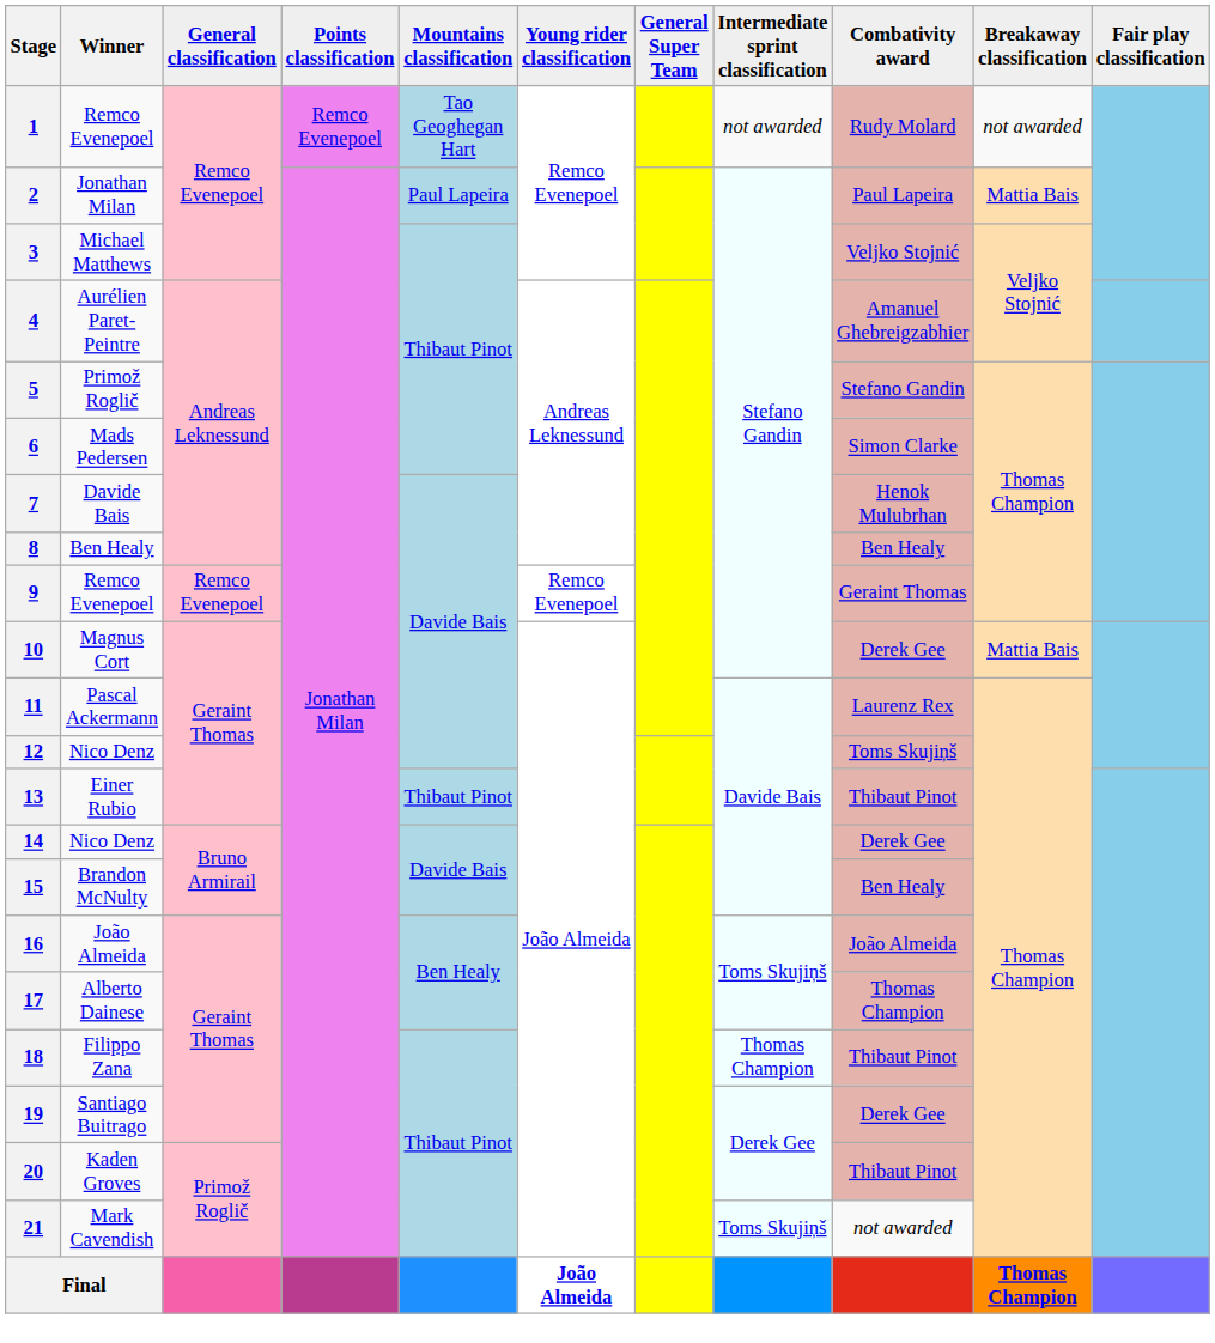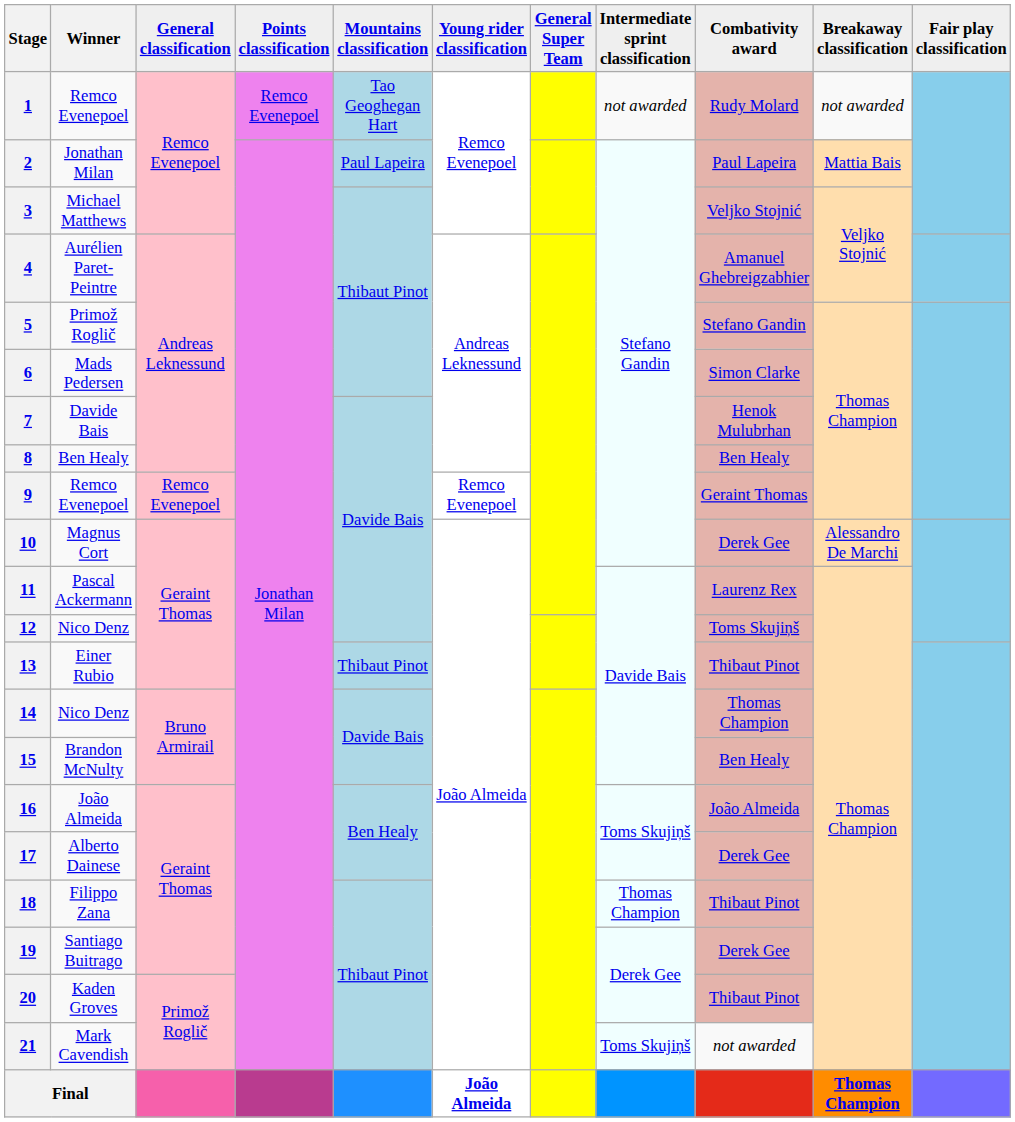 <table class="wikitable" style="text-align: center; font-size:smaller;">
 <tr style="background:#efefef;">
 <th style="width:1%;">Stage</th>
 <th style="width:11%;">Winner</th>
 <th style="background:#efefef; width:9%;"><a href='#'>General classification</a><br></th>
 <th style="background:#efefef; width:9%;"><a href='#'>Points classification</a><br></th>
 <th style="background:#efefef; width:9%;"><a href='#'>Mountains classification</a><br></th>
 <th style="background:#efefef; width:9%;"><a href='#'>Young rider classification</a><br></th>
 <th style="background:#efefef; width:9%;"><a href='#'>General Super Team</a></th>
 <th style="background:#efefef; width:9%;">Intermediate sprint classification</th>
 <th style="background:#efefef; width:9%;">Combativity award<br></th>
 <th style="background:#efefef; width:9%;">Breakaway classification</th>
 <th style="background:#efefef; width:9%;">Fair play classification</th>
 </tr>
 <tr>
 <th><a href='#'>1</a></th>
 <td><a href='#'>Remco Evenepoel</a></td>
 <td style="background:pink;" rowspan=3><a href='#'>Remco Evenepoel</a></td>
 <td style="background:violet;"><a href='#'>Remco Evenepoel</a></td>
 <td style="background:lightblue;"><a href='#'>Tao Geoghegan Hart</a></td>
 <td style="background:white;" rowspan=3><a href='#'>Remco Evenepoel</a></td>
 <td style="background:#FFFF00;"></td>
 <td><em>not awarded</em></td>
 <td style="background:#E4B3AB;"><a href='#'>Rudy Molard</a></td>
 <td><em>not awarded</em></td>
 <td style="background:skyblue;" rowspan=3></td>
 </tr>
 <tr>
 <th><a href='#'>2</a></th>
 <td><a href='#'>Jonathan Milan</a></td>
 <td style="background:violet;" rowspan=20><a href='#'>Jonathan Milan</a></td>
 <td style="background:lightblue;"><a href='#'>Paul Lapeira</a></td>
 <td style="background:#FFFF00;" rowspan=2></td>
 <td style="background:azure;" rowspan=9><a href='#'>Stefano Gandin</a></td>
 <td style="background:#E4B3AB;"><a href='#'>Paul Lapeira</a></td>
 <td style="background:navajowhite;"><a href='#'>Mattia Bais</a></td>
 </tr>
 <tr>
 <th><a href='#'>3</a></th>
 <td><a href='#'>Michael Matthews</a></td>
 <td style="background:lightblue;" rowspan=4><a href='#'>Thibaut Pinot</a></td>
 <td style="background:#E4B3AB;"><a href='#'>Veljko Stojnić</a></td>
 <td style="background:navajowhite;" rowspan=2><a href='#'>Veljko Stojnić</a></td>
 </tr>
 <tr>
 <th><a href='#'>4</a></th>
 <td><a href='#'>Aurélien Paret-Peintre</a></td>
 <td style="background:pink;" rowspan=5><a href='#'>Andreas Leknessund</a></td>
 <td style="background:white;" rowspan=5><a href='#'>Andreas Leknessund</a></td>
 <td style="background:#FFFF00;" rowspan=8></td>
 <td style="background:#E4B3AB;"><a href='#'>Amanuel Ghebreigzabhier</a></td>
 <td style="background:skyblue;"></td>
 </tr>
 <tr>
 <th><a href='#'>5</a></th>
 <td><a href='#'>Primož Roglič</a></td>
 <td style="background:#E4B3AB;"><a href='#'>Stefano Gandin</a></td>
 <td style="background:navajowhite;" rowspan=5><a href='#'>Thomas Champion</a></td>
 <td style="background:skyblue;" rowspan=5></td>
 </tr>
 <tr>
 <th><a href='#'>6</a></th>
 <td><a href='#'>Mads Pedersen</a></td>
 <td style="background:#E4B3AB;"><a href='#'>Simon Clarke</a></td>
 </tr>
 <tr>
 <th><a href='#'>7</a></th>
 <td><a href='#'>Davide Bais</a></td>
 <td style="background:lightblue;" rowspan=6><a href='#'>Davide Bais</a></td>
 <td style="background:#E4B3AB;"><a href='#'>Henok Mulubrhan</a></td>
 </tr>
 <tr>
 <th><a href='#'>8</a></th>
 <td><a href='#'>Ben Healy</a></td>
 <td style="background:#E4B3AB;"><a href='#'>Ben Healy</a></td>
 </tr>
 <tr>
 <th><a href='#'>9</a></th>
 <td><a href='#'>Remco Evenepoel</a></td>
 <td style="background:pink;"><a href='#'>Remco Evenepoel</a></td>
 <td style="background:white;"><a href='#'>Remco Evenepoel</a></td>
 <td style="background:#E4B3AB;"><a href='#'>Geraint Thomas</a></td>
 </tr>
 <tr>
 <th><a href='#'>10</a></th>
 <td><a href='#'>Magnus Cort</a></td>
 <td style="background:pink;" rowspan=4><a href='#'>Geraint Thomas</a></td>
 <td style="background:white;" rowspan=12><a href='#'>João Almeida</a></td>
 <td style="background:#E4B3AB;"><a href='#'>Derek Gee</a></td>
-<td style="background:navajowhite;"><a href='#'>Mattia Bais</a></td>
+<td style="background:navajowhite;"><a href='#'>Alessandro De Marchi</a></td>
 <td style="background:skyblue;" rowspan=3></td>
 </tr>
 <tr>
 <th><a href='#'>11</a></th>
 <td><a href='#'>Pascal Ackermann</a></td>
 <td style="background:azure;" rowspan=5><a href='#'>Davide Bais</a></td>
 <td style="background:#E4B3AB;"><a href='#'>Laurenz Rex</a></td>
 <td style="background:navajowhite;" rowspan=11><a href='#'>Thomas Champion</a></td>
 </tr>
 <tr>
 <th><a href='#'>12</a></th>
 <td><a href='#'>Nico Denz</a></td>
 <td style="background:#FFFF00;" rowspan=2></td>
 <td style="background:#E4B3AB;"><a href='#'>Toms Skujiņš</a></td>
 </tr>
 <tr>
 <th><a href='#'>13</a></th>
 <td><a href='#'>Einer Rubio</a></td>
 <td style="background:lightblue;"><a href='#'>Thibaut Pinot</a></td>
 <td style="background:#E4B3AB;"><a href='#'>Thibaut Pinot</a></td>
 <td style="background:skyblue;" rowspan=9></td>
 </tr>
 <tr>
 <th><a href='#'>14</a></th>
 <td><a href='#'>Nico Denz</a></td>
 <td style="background:pink;" rowspan=2><a href='#'>Bruno Armirail</a></td>
 <td style="background:lightblue;" rowspan=2><a href='#'>Davide Bais</a></td>
 <td style="background:#FFFF00;" rowspan=8></td>
-<td style="background:#E4B3AB;"><a href='#'>Derek Gee</a></td>
+<td style="background:#E4B3AB;"><a href='#'>Thomas Champion</a></td>
 </tr>
 <tr>
 <th><a href='#'>15</a></th>
 <td><a href='#'>Brandon McNulty</a></td>
 <td style="background:#E4B3AB;"><a href='#'>Ben Healy</a></td>
 </tr>
 <tr>
 <th><a href='#'>16</a></th>
 <td><a href='#'>João Almeida</a></td>
 <td style="background:pink;" rowspan=4><a href='#'>Geraint Thomas</a></td>
 <td style="background:lightblue;" rowspan=2><a href='#'>Ben Healy</a></td>
 <td style="background:azure;" rowspan=2><a href='#'>Toms Skujiņš</a></td>
 <td style="background:#E4B3AB;"><a href='#'>João Almeida</a></td>
 </tr>
 <tr>
 <th><a href='#'>17</a></th>
 <td><a href='#'>Alberto Dainese</a></td>
-<td style="background:#E4B3AB;"><a href='#'>Thomas Champion</a></td>
+<td style="background:#E4B3AB;"><a href='#'>Derek Gee</a></td>
 </tr>
 <tr>
 <th><a href='#'>18</a></th>
 <td><a href='#'>Filippo Zana</a></td>
 <td style="background:lightblue;" rowspan=4><a href='#'>Thibaut Pinot</a></td>
 <td style="background:azure;"><a href='#'>Thomas Champion</a></td>
 <td style="background:#E4B3AB;"><a href='#'>Thibaut Pinot</a></td>
 </tr>
 <tr>
 <th><a href='#'>19</a></th>
 <td><a href='#'>Santiago Buitrago</a></td>
 <td style="background:azure;" rowspan=2><a href='#'>Derek Gee</a></td>
 <td style="background:#E4B3AB;"><a href='#'>Derek Gee</a></td>
 </tr>
 <tr>
 <th><a href='#'>20</a></th>
 <td><a href='#'>Kaden Groves</a></td>
 <td style="background:pink;" rowspan=2><a href='#'>Primož Roglič</a></td>
 <td style="background:#E4B3AB;"><a href='#'>Thibaut Pinot</a></td>
 </tr>
 <tr>
 <th><a href='#'>21</a></th>
 <td><a href='#'>Mark Cavendish</a></td>
 <td style="background:azure;"><a href='#'>Toms Skujiņš</a></td>
 <td><em>not awarded</em></td>
 </tr>
 <tr>
 <th colspan="2">Final</th>
 <th style="background:#F660AB;"></th>
 <th style="background:#B93B8F;"></th>
 <th style="background:dodgerblue;"></th>
 <th style="background:white;"><a href='#'>João Almeida</a></th>
 <th style="background:yellow;"></th>
 <th style="background:#0094FF"></th>
 <th style="background:#E42A19;"></th>
 <th style="background:#FF8C00;"><a href='#'>Thomas Champion</a></th>
 <th style="background:#736aff;"></th>
 </tr>
 </table>
